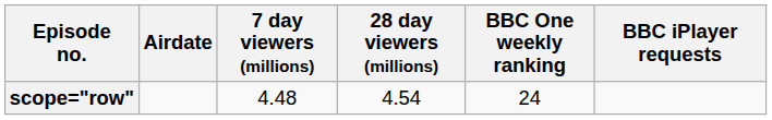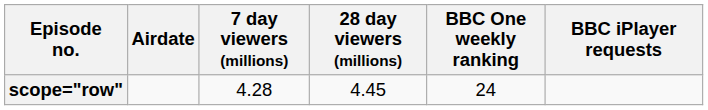 <table class="wikitable" style="text-align:center;">
 <tr>
 <th scope="col">Episode<br>no.</th>
 <th scope="col">Airdate</th>
 <th scope="col">7 day viewers<br><small>(millions)</small></th>
 <th scope="col">28 day viewers<br><small>(millions)</small></th>
 <th scope="col">BBC One<br>weekly ranking</th>
 <th scope="col">BBC iPlayer requests</th>
 </tr>
 <tr>
 <th>scope="row" </th>
 <td></td>
-<td>4.48</td>
-<td>4.54</td>
+<td>4.28</td>
+<td>4.45</td>
 <td>24</td>
 <td></td>
 </tr>
 </table>
